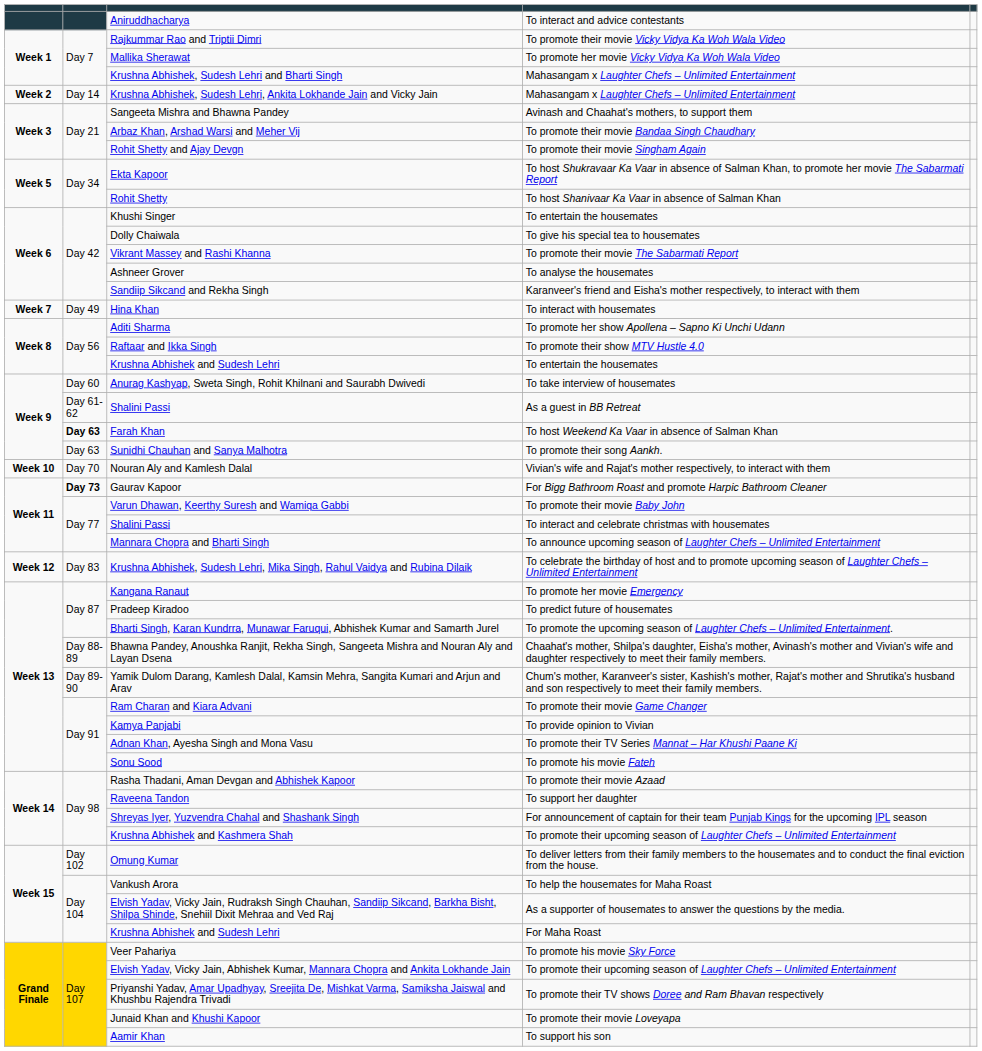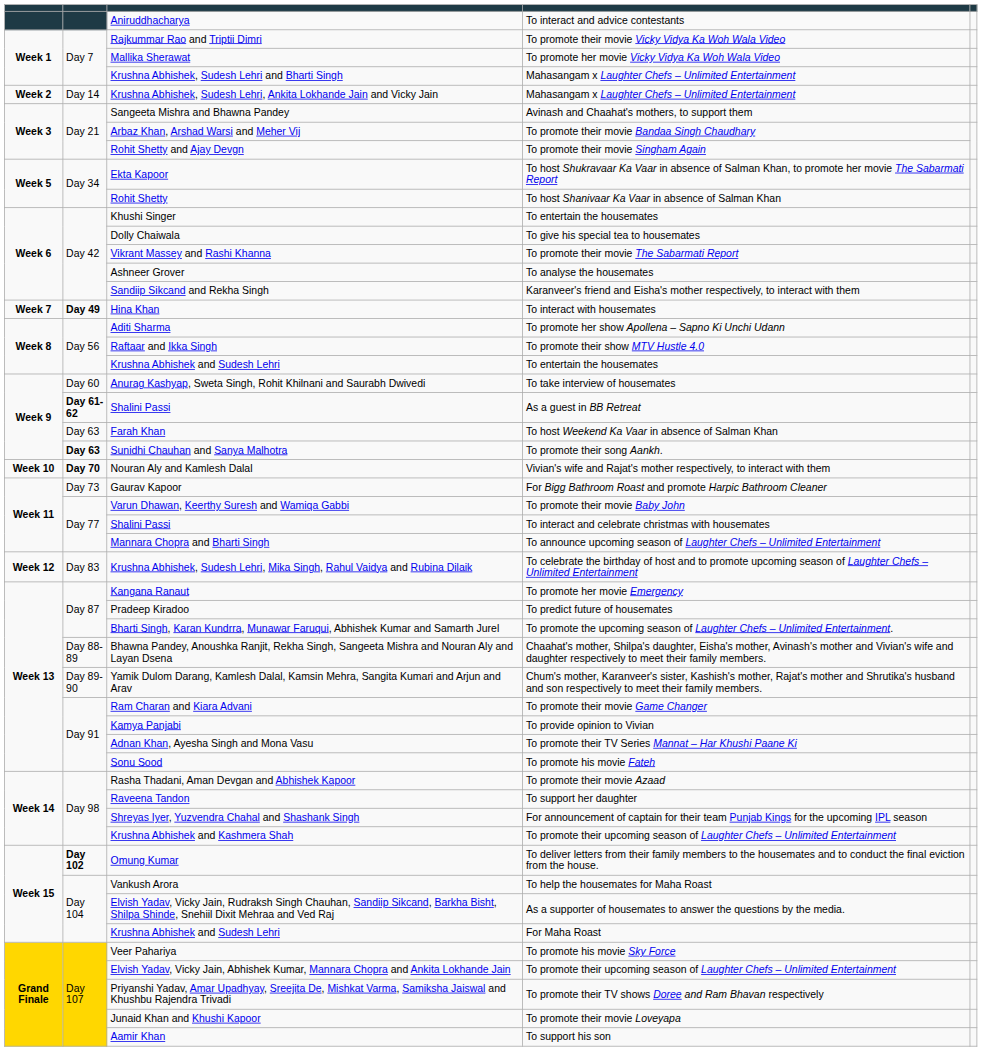 <table border="2" cellpadding="4" cellspacing="0" style="margin: 1em 1em 1em 0;font-size:85%; background: #f9f9f9; border: 1px #aaa solid; border-collapse: collapse; width:100%;">
 <tr>
 <td bgcolor=#1E3A45><strong></strong></td>
 <td bgcolor=#1E3A45><strong></strong></td>
 <td bgcolor=#1E3A45><strong></strong></td>
 <td bgcolor=#1E3A45><strong></strong></td>
 <td bgcolor=#1E3A45><strong></strong></td>
 </tr>
 <tr>
 <th style="background:#1E3A45;"></th>
 <td style="background:#1E3A45;"></td>
 <td><a href='#'>Aniruddhacharya</a></td>
 <td>To interact and advice contestants</td>
 <td></td>
 </tr>
 <tr>
 <th rowspan="3">Week 1</th>
 <td rowspan="3">Day 7</td>
 <td><a href='#'>Rajkummar Rao</a> and <a href='#'>Triptii Dimri</a></td>
 <td>To promote their movie <em><a href='#'>Vicky Vidya Ka Woh Wala Video</a></em></td>
 <td></td>
 </tr>
 <tr>
 <td><a href='#'>Mallika Sherawat</a></td>
 <td>To promote her movie <em><a href='#'>Vicky Vidya Ka Woh Wala Video</a></em></td>
 <td></td>
 </tr>
 <tr>
 <td><a href='#'>Krushna Abhishek</a>, <a href='#'>Sudesh Lehri</a> and <a href='#'>Bharti Singh</a></td>
 <td>Mahasangam x <em><a href='#'>Laughter Chefs – Unlimited Entertainment</a></em></td>
 <td></td>
 </tr>
 <tr>
 <th>Week 2</th>
 <td>Day 14</td>
 <td><a href='#'>Krushna Abhishek</a>, <a href='#'>Sudesh Lehri</a>, <a href='#'>Ankita Lokhande Jain</a> and Vicky Jain</td>
 <td>Mahasangam x <em><a href='#'>Laughter Chefs – Unlimited Entertainment</a></em></td>
 <td></td>
 </tr>
 <tr>
 <th rowspan="3">Week 3</th>
 <td rowspan="3">Day 21</td>
 <td>Sangeeta Mishra and Bhawna Pandey</td>
 <td>Avinash and Chaahat's mothers, to support them</td>
 <td></td>
 </tr>
 <tr>
 <td><a href='#'>Arbaz Khan</a>, <a href='#'>Arshad Warsi</a> and <a href='#'>Meher Vij</a></td>
 <td>To promote their movie <em><a href='#'>Bandaa Singh Chaudhary</a></em></td>
 <td rowspan="2"></td>
 </tr>
 <tr>
 <td><a href='#'>Rohit Shetty</a> and <a href='#'>Ajay Devgn</a></td>
 <td>To promote their movie <em><a href='#'>Singham Again</a></em></td>
 </tr>
 <tr>
 <th rowspan="2">Week 5</th>
 <td rowspan="2">Day 34</td>
 <td><a href='#'>Ekta Kapoor</a></td>
 <td>To host <em>Shukravaar Ka Vaar</em> in absence of Salman Khan, to promote her movie <em><a href='#'>The Sabarmati Report</a></em></td>
 <td rowspan="2"></td>
 </tr>
 <tr>
 <td><a href='#'>Rohit Shetty</a></td>
 <td>To host <em>Shanivaar Ka Vaar</em> in absence of Salman Khan</td>
 </tr>
 <tr>
 <th rowspan="5">Week 6</th>
 <td rowspan="5">Day 42</td>
 <td>Khushi Singer</td>
 <td>To entertain the housemates</td>
 <td></td>
 </tr>
 <tr>
 <td>Dolly Chaiwala</td>
 <td>To give his special tea to housemates</td>
 <td></td>
 </tr>
 <tr>
 <td><a href='#'>Vikrant Massey</a> and <a href='#'>Rashi Khanna</a></td>
 <td>To promote their movie <em><a href='#'>The Sabarmati Report</a></em></td>
 <td></td>
 </tr>
 <tr>
 <td>Ashneer Grover</td>
 <td>To analyse the housemates</td>
 <td></td>
 </tr>
 <tr>
 <td><a href='#'>Sandiip Sikcand</a> and Rekha Singh</td>
 <td>Karanveer's friend and Eisha's mother respectively, to interact with them</td>
 <td></td>
 </tr>
 <tr>
 <th>Week 7</th>
-<td>Day 49</td>
+<td><strong>Day 49</strong></td>
 <td><a href='#'>Hina Khan</a></td>
 <td>To interact with housemates</td>
 <td></td>
 </tr>
 <tr>
 <th rowspan="3">Week 8</th>
 <td rowspan="3">Day 56</td>
 <td><a href='#'>Aditi Sharma</a></td>
 <td>To promote her show <em>Apollena – Sapno Ki Unchi Udann</em></td>
 <td></td>
 </tr>
 <tr>
 <td><a href='#'>Raftaar</a> and <a href='#'>Ikka Singh</a></td>
 <td>To promote their show <em><a href='#'>MTV Hustle 4.0</a></em></td>
 <td></td>
 </tr>
 <tr>
 <td><a href='#'>Krushna Abhishek</a> and <a href='#'>Sudesh Lehri</a></td>
 <td>To entertain the housemates</td>
 <td></td>
 </tr>
 <tr>
 <th rowspan="4">Week 9</th>
 <td>Day 60</td>
 <td><a href='#'>Anurag Kashyap</a>, Sweta Singh, Rohit Khilnani and Saurabh Dwivedi</td>
 <td>To take interview of housemates</td>
 <td></td>
 </tr>
 <tr>
-<td>Day 61-62</td>
+<td><strong>Day 61-62</strong></td>
 <td><a href='#'>Shalini Passi</a></td>
 <td>As a guest in <em>BB Retreat</em></td>
 <td></td>
 </tr>
 <tr>
-<td><strong>Day 63</strong></td>
+<td>Day 63</td>
 <td><a href='#'>Farah Khan</a></td>
 <td>To host <em>Weekend Ka Vaar</em> in absence of Salman Khan</td>
 <td></td>
 </tr>
 <tr>
-<td>Day 63</td>
+<td><strong>Day 63</strong></td>
 <td><a href='#'>Sunidhi Chauhan</a> and <a href='#'>Sanya Malhotra</a></td>
 <td>To promote their song <em>Aankh</em>.</td>
 <td></td>
 </tr>
 <tr>
 <th>Week 10</th>
-<td>Day 70</td>
+<td><strong>Day 70</strong></td>
 <td>Nouran Aly and Kamlesh Dalal</td>
 <td>Vivian's wife and Rajat's mother respectively, to interact with them</td>
 <td></td>
 </tr>
 <tr>
 <th rowspan="4">Week 11</th>
-<td><strong>Day 73</strong></td>
+<td>Day 73</td>
 <td>Gaurav Kapoor</td>
 <td>For <em>Bigg Bathroom Roast</em> and promote <em>Harpic Bathroom Cleaner</em></td>
 <td></td>
 </tr>
 <tr>
 <td rowspan="3">Day 77</td>
 <td><a href='#'>Varun Dhawan</a>, <a href='#'>Keerthy Suresh</a> and <a href='#'>Wamiqa Gabbi</a></td>
 <td>To promote their movie <em><a href='#'>Baby John</a></em></td>
 <td></td>
 </tr>
 <tr>
 <td><a href='#'>Shalini Passi</a></td>
 <td>To interact and celebrate christmas with housemates</td>
 <td></td>
 </tr>
 <tr>
 <td><a href='#'>Mannara Chopra</a> and <a href='#'>Bharti Singh</a></td>
 <td>To announce upcoming season of <em><a href='#'>Laughter Chefs – Unlimited Entertainment</a></em></td>
 <td></td>
 </tr>
 <tr>
 <th>Week 12</th>
 <td>Day 83</td>
 <td><a href='#'>Krushna Abhishek</a>, <a href='#'>Sudesh Lehri</a>, <a href='#'>Mika Singh</a>, <a href='#'>Rahul Vaidya</a> and <a href='#'>Rubina Dilaik</a></td>
 <td>To celebrate the birthday of host and to promote upcoming season of <em><a href='#'>Laughter Chefs – Unlimited Entertainment</a></em></td>
 <td></td>
 </tr>
 <tr>
 <th rowspan="9">Week 13</th>
 <td rowspan="3">Day 87</td>
 <td><a href='#'>Kangana Ranaut</a></td>
 <td>To promote her movie <em><a href='#'>Emergency</a></em></td>
 <td></td>
 </tr>
 <tr>
 <td>Pradeep Kiradoo</td>
 <td>To predict future of housemates</td>
 <td></td>
 </tr>
 <tr>
 <td><a href='#'>Bharti Singh</a>, <a href='#'>Karan Kundrra</a>, <a href='#'>Munawar Faruqui</a>, Abhishek Kumar and Samarth Jurel</td>
 <td>To promote the upcoming season of <em><a href='#'>Laughter Chefs – Unlimited Entertainment</a></em>.</td>
 <td> <br> </td>
 </tr>
 <tr>
 <td>Day 88-89</td>
 <td>Bhawna Pandey, Anoushka Ranjit, Rekha Singh, Sangeeta Mishra and Nouran Aly and Layan Dsena</td>
 <td>Chaahat's mother, Shilpa's daughter, Eisha's mother, Avinash's mother and Vivian's wife and daughter respectively to meet their family members.</td>
 <td></td>
 </tr>
 <tr>
 <td>Day 89-90</td>
 <td>Yamik Dulom Darang, Kamlesh Dalal, Kamsin Mehra, Sangita Kumari and Arjun and Arav</td>
 <td>Chum's mother, Karanveer's sister, Kashish's mother, Rajat's mother and Shrutika's husband and son respectively to meet their family members.</td>
 <td></td>
 </tr>
 <tr>
 <td rowspan="4">Day 91</td>
 <td><a href='#'>Ram Charan</a> and <a href='#'>Kiara Advani</a></td>
 <td>To promote their movie <em><a href='#'>Game Changer</a></em></td>
 <td></td>
 </tr>
 <tr>
 <td><a href='#'>Kamya Panjabi</a></td>
 <td>To provide opinion to Vivian</td>
 <td></td>
 </tr>
 <tr>
 <td><a href='#'>Adnan Khan</a>, Ayesha Singh and Mona Vasu</td>
 <td>To promote their TV Series <em><a href='#'>Mannat – Har Khushi Paane Ki</a></em></td>
 <td></td>
 </tr>
 <tr>
 <td><a href='#'>Sonu Sood</a></td>
 <td>To promote his movie <em><a href='#'>Fateh</a></em></td>
 <td></td>
 </tr>
 <tr>
 <th rowspan="4">Week 14</th>
 <td rowspan="4">Day 98</td>
 <td>Rasha Thadani, Aman Devgan and <a href='#'>Abhishek Kapoor</a></td>
 <td>To promote their movie <em>Azaad</em></td>
 <td></td>
 </tr>
 <tr>
 <td><a href='#'>Raveena Tandon</a></td>
 <td>To support her daughter</td>
 <td></td>
 </tr>
 <tr>
 <td><a href='#'>Shreyas Iyer</a>, <a href='#'>Yuzvendra Chahal</a> and <a href='#'>Shashank Singh</a></td>
 <td>For announcement of captain for their team <a href='#'>Punjab Kings</a> for the upcoming <a href='#'>IPL</a> season</td>
 <td></td>
 </tr>
 <tr>
 <td><a href='#'>Krushna Abhishek</a> and <a href='#'>Kashmera Shah</a></td>
 <td>To promote their upcoming season of <em><a href='#'>Laughter Chefs – Unlimited Entertainment</a></em></td>
 <td></td>
 </tr>
 <tr>
 <th rowspan="4">Week 15</th>
-<td>Day 102</td>
+<td><strong>Day 102</strong></td>
 <td><a href='#'>Omung Kumar</a></td>
 <td>To deliver letters from their family members to the housemates and to conduct the final eviction from the house.</td>
 <td></td>
 </tr>
 <tr>
 <td rowspan="3">Day 104</td>
 <td>Vankush Arora</td>
 <td>To help the housemates for Maha Roast</td>
 <td></td>
 </tr>
 <tr>
 <td><a href='#'>Elvish Yadav</a>, Vicky Jain, Rudraksh Singh Chauhan, <a href='#'>Sandiip Sikcand</a>, <a href='#'>Barkha Bisht</a>, <a href='#'>Shilpa Shinde</a>, Snehiil Dixit Mehraa and Ved Raj</td>
 <td>As a supporter of housemates to answer the questions by the media.</td>
 <td></td>
 </tr>
 <tr>
 <td><a href='#'>Krushna Abhishek</a> and <a href='#'>Sudesh Lehri</a></td>
 <td>For Maha Roast</td>
 <td></td>
 </tr>
 <tr>
 <th rowspan="5" style="background:#FFD700;">Grand Finale</th>
 <td rowspan="5" style="background:#FFD700;">Day 107</td>
 <td>Veer Pahariya</td>
 <td>To promote his movie <em><a href='#'>Sky Force</a></em></td>
 <td></td>
 </tr>
 <tr>
 <td><a href='#'>Elvish Yadav</a>, Vicky Jain, Abhishek Kumar, <a href='#'>Mannara Chopra</a> and <a href='#'>Ankita Lokhande Jain</a></td>
 <td>To promote their upcoming season of <em><a href='#'>Laughter Chefs – Unlimited Entertainment</a></em></td>
 <td></td>
 </tr>
 <tr>
 <td>Priyanshi Yadav, <a href='#'>Amar Upadhyay</a>, <a href='#'>Sreejita De</a>, <a href='#'>Mishkat Varma</a>, <a href='#'>Samiksha Jaiswal</a> and Khushbu Rajendra Trivadi</td>
 <td>To promote their TV shows <em><a href='#'>Doree</a> and Ram Bhavan</em> respectively</td>
 <td></td>
 </tr>
 <tr>
 <td>Junaid Khan and <a href='#'>Khushi Kapoor</a></td>
 <td>To promote their movie <em>Loveyapa</em></td>
 <td></td>
 </tr>
 <tr>
 <td><a href='#'>Aamir Khan</a></td>
 <td>To support his son</td>
 <td></td>
 </tr>
 </table>
